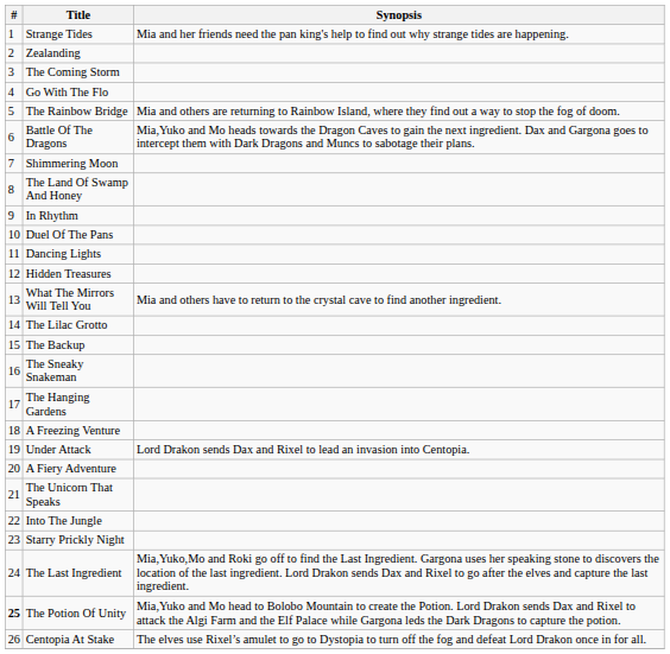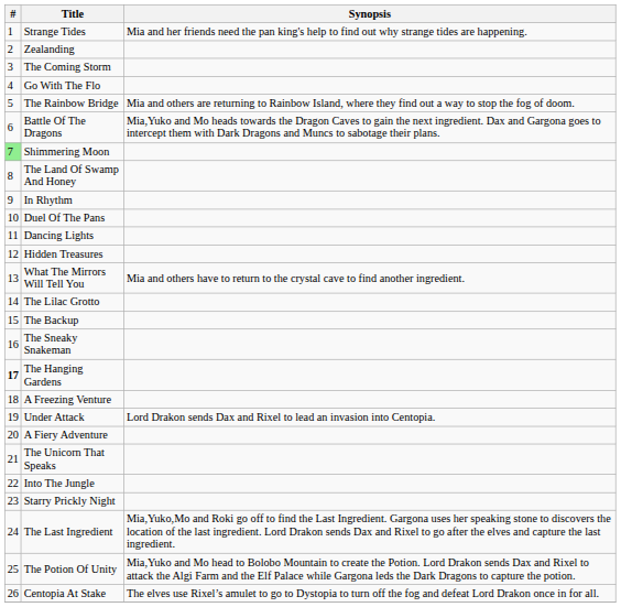 <table class="wikitable">
 <tr>
 <th>#</th>
 <th>Title</th>
 <th>Synopsis</th>
 </tr>
 <tr>
 <td>1</td>
 <td>Strange Tides</td>
 <td>Mia and her friends need the pan king's help to find out why strange tides are happening.</td>
 </tr>
 <tr>
 <td>2</td>
 <td>Zealanding</td>
 <td></td>
 </tr>
 <tr>
 <td>3</td>
 <td>The Coming Storm</td>
 <td></td>
 </tr>
 <tr>
 <td>4</td>
 <td>Go With The Flo</td>
 <td></td>
 </tr>
 <tr>
 <td>5</td>
 <td>The Rainbow Bridge</td>
 <td>Mia and others are returning to Rainbow Island, where they find out a way to stop the fog of doom.</td>
 </tr>
 <tr>
 <td>6</td>
 <td>Battle Of The Dragons</td>
 <td>Mia,Yuko and Mo heads towards the Dragon Caves to gain the next ingredient. Dax and Gargona goes to intercept them with Dark Dragons and Muncs to sabotage their plans.</td>
 </tr>
 <tr>
-<td>7</td>
+<td style="background: lightgreen;">7</td>
 <td>Shimmering Moon</td>
 <td></td>
 </tr>
 <tr>
 <td>8</td>
 <td>The Land Of Swamp And Honey</td>
 <td></td>
 </tr>
 <tr>
 <td>9</td>
 <td>In Rhythm</td>
 <td></td>
 </tr>
 <tr>
 <td>10</td>
 <td>Duel Of The Pans</td>
 <td></td>
 </tr>
 <tr>
 <td>11</td>
 <td>Dancing Lights</td>
 <td></td>
 </tr>
 <tr>
 <td>12</td>
 <td>Hidden Treasures</td>
 <td></td>
 </tr>
 <tr>
 <td>13</td>
 <td>What The Mirrors Will Tell You</td>
 <td>Mia and others have to return to the crystal cave to find another ingredient.</td>
 </tr>
 <tr>
 <td>14</td>
 <td>The Lilac Grotto</td>
 <td></td>
 </tr>
 <tr>
 <td>15</td>
 <td>The Backup</td>
 <td></td>
 </tr>
 <tr>
 <td>16</td>
 <td>The Sneaky Snakeman</td>
 <td></td>
 </tr>
 <tr>
-<td>17</td>
+<td><strong>17</strong></td>
 <td>The Hanging Gardens</td>
 <td></td>
 </tr>
 <tr>
 <td>18</td>
 <td>A Freezing Venture</td>
 <td></td>
 </tr>
 <tr>
 <td>19</td>
 <td>Under Attack</td>
 <td>Lord Drakon sends Dax and Rixel to lead an invasion into Centopia.</td>
 </tr>
 <tr>
 <td>20</td>
 <td>A Fiery Adventure</td>
 <td></td>
 </tr>
 <tr>
 <td>21</td>
 <td>The Unicorn That Speaks</td>
 <td></td>
 </tr>
 <tr>
 <td>22</td>
 <td>Into The Jungle</td>
 <td></td>
 </tr>
 <tr>
 <td>23</td>
 <td>Starry Prickly Night</td>
 <td></td>
 </tr>
 <tr>
 <td>24</td>
 <td>The Last Ingredient</td>
 <td>Mia,Yuko,Mo and Roki go off to find the Last Ingredient. Gargona uses her speaking stone to discovers the location of the last ingredient. Lord Drakon sends Dax and Rixel to go after the elves and capture the last ingredient.</td>
 </tr>
 <tr>
-<td><strong>25</strong></td>
+<td>25</td>
 <td>The Potion Of Unity</td>
 <td>Mia,Yuko and Mo head to Bolobo Mountain to create the Potion. Lord Drakon sends Dax and Rixel to attack the Algi Farm and the Elf Palace while Gargona leds the Dark Dragons to capture the potion.</td>
 </tr>
 <tr>
 <td>26</td>
 <td>Centopia At Stake</td>
 <td>The elves use Rixel’s amulet to go to Dystopia to turn off the fog and defeat Lord Drakon once in for all.</td>
 </tr>
 <tr>
 </tr>
 </table>
